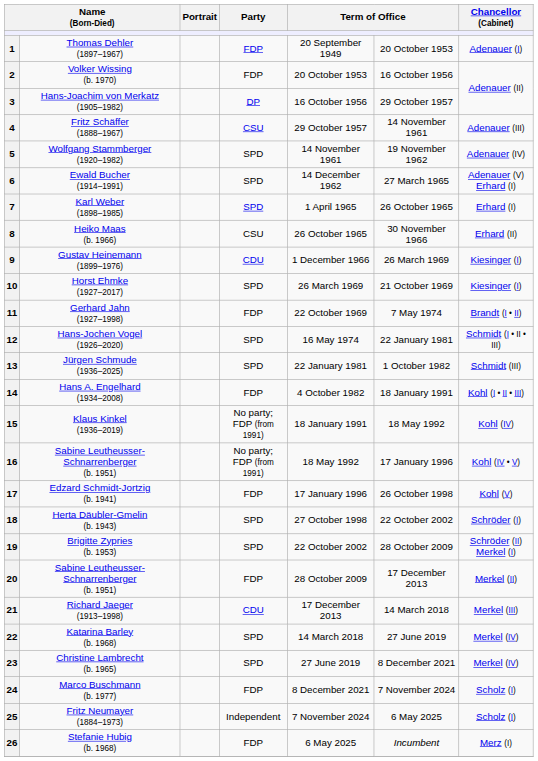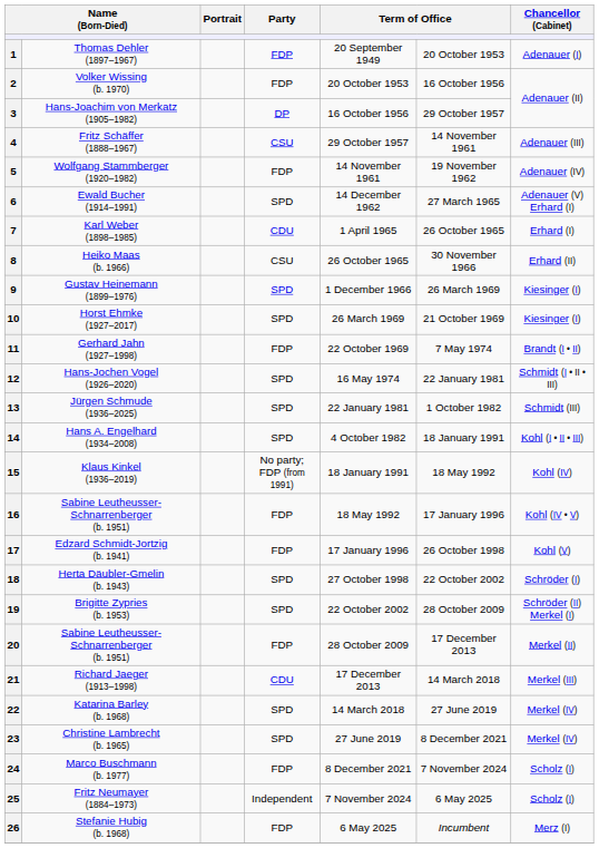 <table class="wikitable" style="text-align:center;">
 <tr>
 <th colspan=2>Name<br><small>(Born-Died)</small></th>
 <th>Portrait</th>
 <th>Party</th>
 <th colspan=2>Term of Office</th>
 <th><a href='#'>Chancellor</a><br><small>(Cabinet)</small></th>
 </tr>
 <tr>
 <th style="background:#EEEEFF" colspan="7"></th>
 </tr>
 <tr>
 <th style="background:">1</th>
 <td><a href='#'>Thomas Dehler</a><br><small>(1897–1967)</small></td>
 <td></td>
 <td><a href='#'>FDP</a></td>
 <td>20 September 1949</td>
 <td>20 October 1953</td>
 <td><a href='#'>Adenauer</a> <small>(<a href='#'>I</a>)</small></td>
 </tr>
 <tr>
 <th style="background:">2</th>
 <td><a href='#'>Volker Wissing</a><br><small>(b. 1970)</small></td>
 <td></td>
 <td>FDP</td>
 <td>20 October 1953</td>
 <td>16 October 1956</td>
 <td rowspan=2><a href='#'>Adenauer</a> <small>(II)</small></td>
 </tr>
 <tr>
 <th style="background:">3</th>
 <td><a href='#'>Hans-Joachim von Merkatz</a><br><small>(1905–1982)</small></td>
 <td></td>
 <td><a href='#'>DP</a></td>
 <td>16 October 1956</td>
 <td>29 October 1957</td>
 </tr>
 <tr>
 <th style="background:">4</th>
 <td><a href='#'>Fritz Schäffer</a><br><small>(1888–1967)</small></td>
 <td></td>
 <td><a href='#'>CSU</a></td>
 <td>29 October 1957</td>
 <td>14 November 1961</td>
 <td><a href='#'>Adenauer</a> <small>(III)</small></td>
 </tr>
 <tr>
 <th style="background:">5</th>
 <td><a href='#'>Wolfgang Stammberger</a><br><small>(1920–1982)</small></td>
 <td></td>
-<td>SPD</td>
+<td>FDP</td>
 <td>14 November 1961</td>
 <td>19 November 1962</td>
 <td><a href='#'>Adenauer</a> <small>(IV)</small></td>
 </tr>
 <tr>
 <th style="background:">6</th>
 <td><a href='#'>Ewald Bucher</a><br><small>(1914–1991)</small></td>
 <td></td>
 <td>SPD</td>
 <td>14 December 1962</td>
 <td>27 March 1965</td>
 <td><a href='#'>Adenauer</a> <small>(V)</small><br> <a href='#'>Erhard</a> <small>(I)</small></td>
 </tr>
 <tr>
 <th style="background:">7</th>
 <td><a href='#'>Karl Weber</a> <br><small>(1898–1985)</small></td>
 <td></td>
-<td><a href='#'>SPD</a></td>
+<td><a href='#'>CDU</a></td>
 <td>1 April 1965</td>
 <td>26 October 1965</td>
 <td><a href='#'>Erhard</a> <small>(I)</small></td>
 </tr>
 <tr>
 <th style="background:">8</th>
 <td><a href='#'>Heiko Maas</a><br><small>(b. 1966)</small></td>
 <td></td>
 <td>CSU</td>
 <td>26 October 1965</td>
 <td>30 November 1966</td>
 <td><a href='#'>Erhard</a> <small>(II)</small></td>
 </tr>
 <tr>
 <th style="background:">9</th>
 <td><a href='#'>Gustav Heinemann</a><br><small>(1899–1976)</small></td>
 <td></td>
-<td><a href='#'>CDU</a></td>
+<td><a href='#'>SPD</a></td>
 <td>1 December 1966</td>
 <td>26 March 1969</td>
 <td><a href='#'>Kiesinger</a> <small>(<a href='#'>I</a>)</small></td>
 </tr>
 <tr>
 <th style="background:">10</th>
 <td><a href='#'>Horst Ehmke</a><br><small>(1927–2017)</small></td>
 <td></td>
 <td>SPD</td>
 <td>26 March 1969</td>
 <td>21 October 1969</td>
 <td><a href='#'>Kiesinger</a> <small>(<a href='#'>I</a>)</small></td>
 </tr>
 <tr>
 <th style="background:">11</th>
 <td><a href='#'>Gerhard Jahn</a><br><small>(1927–1998)</small></td>
 <td></td>
 <td>FDP</td>
 <td>22 October 1969</td>
 <td>7 May 1974</td>
 <td><a href='#'>Brandt</a> <small>(<a href='#'>I</a> • <a href='#'>II</a>)</small></td>
 </tr>
 <tr>
 <th style="background:">12</th>
 <td><a href='#'>Hans-Jochen Vogel</a><br><small>(1926–2020)</small></td>
 <td></td>
 <td>SPD</td>
 <td>16 May 1974</td>
 <td>22 January 1981</td>
 <td><a href='#'>Schmidt</a> <small>(<a href='#'>I</a> • II • III)</small></td>
 </tr>
 <tr>
 <th style="background:">13</th>
 <td><a href='#'>Jürgen Schmude</a><br><small>(1936–2025)</small></td>
 <td></td>
 <td>SPD</td>
 <td>22 January 1981</td>
 <td>1 October 1982</td>
 <td><a href='#'>Schmidt</a> <small>(III)</small></td>
 </tr>
 <tr>
 <th style="background:">14</th>
 <td><a href='#'>Hans A. Engelhard</a><br><small>(1934–2008)</small></td>
 <td></td>
-<td>FDP</td>
+<td>SPD</td>
 <td>4 October 1982</td>
 <td>18 January 1991</td>
 <td><a href='#'>Kohl</a> <small>(<a href='#'>I</a> • <a href='#'>II</a> • <a href='#'>III</a>)</small></td>
 </tr>
 <tr>
 <th style="background:">15</th>
 <td><a href='#'>Klaus Kinkel</a><br><small>(1936–2019)</small></td>
 <td></td>
 <td>No party;<br>FDP <small>(from 1991)</small></td>
 <td>18 January 1991</td>
 <td>18 May 1992</td>
 <td><a href='#'>Kohl</a> <small>(<a href='#'>IV</a>)</small></td>
 </tr>
 <tr>
 <th style="background:">16</th>
 <td><a href='#'>Sabine Leutheusser-Schnarrenberger</a><br><small>(b. 1951)</small></td>
 <td></td>
-<td>No party;<br>FDP <small>(from 1991)</small></td>
+<td>FDP</td>
 <td>18 May 1992</td>
 <td>17 January 1996</td>
 <td><a href='#'>Kohl</a> <small>(<a href='#'>IV</a> • <a href='#'>V</a>)</small></td>
 </tr>
 <tr>
 <th style="background:">17</th>
 <td><a href='#'>Edzard Schmidt-Jortzig</a><br><small>(b. 1941)</small></td>
 <td></td>
 <td>FDP</td>
 <td>17 January 1996</td>
 <td>26 October 1998</td>
 <td><a href='#'>Kohl</a> <small>(<a href='#'>V</a>)</small></td>
 </tr>
 <tr>
 <th style="background:">18</th>
 <td><a href='#'>Herta Däubler-Gmelin</a><br><small>(b. 1943)</small></td>
 <td></td>
 <td>SPD</td>
 <td>27 October 1998</td>
 <td>22 October 2002</td>
 <td><a href='#'>Schröder</a> <small>(<a href='#'>I</a>)</small></td>
 </tr>
 <tr>
 <th style="background:">19</th>
 <td><a href='#'>Brigitte Zypries</a><br><small>(b. 1953)</small></td>
 <td></td>
 <td>SPD</td>
 <td>22 October 2002</td>
 <td>28 October 2009</td>
 <td><a href='#'>Schröder</a> <small>(<a href='#'>II</a>)</small><br> <a href='#'>Merkel</a> <small>(<a href='#'>I</a>)</small></td>
 </tr>
 <tr>
 <th style="background:">20<br></th>
 <td><a href='#'>Sabine Leutheusser-Schnarrenberger</a><br><small>(b. 1951)</small></td>
 <td></td>
 <td>FDP</td>
 <td>28 October 2009</td>
 <td>17 December 2013</td>
 <td><a href='#'>Merkel</a> <small>(<a href='#'>II</a>)</small></td>
 </tr>
 <tr>
 <th style="background:">21</th>
 <td><a href='#'>Richard Jaeger</a><br><small>(1913–1998)</small></td>
 <td></td>
 <td><a href='#'>CDU</a></td>
 <td>17 December 2013</td>
 <td>14 March 2018</td>
 <td><a href='#'>Merkel</a> <small>(<a href='#'>III</a>)</small></td>
 </tr>
 <tr>
 <th style="background:">22</th>
 <td><a href='#'>Katarina Barley</a><br><small>(b. 1968)</small></td>
 <td></td>
 <td>SPD</td>
 <td>14 March 2018</td>
 <td>27 June 2019</td>
 <td><a href='#'>Merkel</a> <small>(<a href='#'>IV</a>)</small></td>
 </tr>
 <tr>
 <th style="background:">23</th>
 <td><a href='#'>Christine Lambrecht</a><br><small>(b. 1965)</small></td>
 <td></td>
 <td>SPD</td>
 <td>27 June 2019</td>
 <td>8 December 2021</td>
 <td><a href='#'>Merkel</a> <small>(<a href='#'>IV</a>)</small></td>
 </tr>
 <tr>
 <th style="background:">24</th>
 <td><a href='#'>Marco Buschmann</a><br><small>(b. 1977)</small></td>
 <td></td>
 <td>FDP</td>
 <td>8 December 2021</td>
 <td>7 November 2024</td>
 <td><a href='#'>Scholz</a> <small>(<a href='#'>I</a>)</small></td>
 </tr>
 <tr>
 <th style="background:">25</th>
 <td><a href='#'>Fritz Neumayer</a><br><small>(1884–1973)</small></td>
 <td></td>
 <td>Independent</td>
 <td>7 November 2024</td>
 <td>6 May 2025</td>
 <td><a href='#'>Scholz</a> <small>(<a href='#'>I</a>)</small></td>
 </tr>
 <tr>
 <th style="background:">26</th>
 <td><a href='#'>Stefanie Hubig</a><br><small>(b. 1968)</small></td>
 <td></td>
 <td>FDP</td>
 <td>6 May 2025</td>
 <td><em>Incumbent</em></td>
 <td><a href='#'>Merz</a> <small>(I)</small></td>
 </tr>
 <tr>
 </tr>
 </table>
